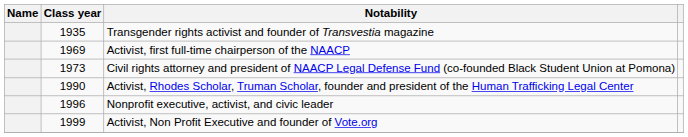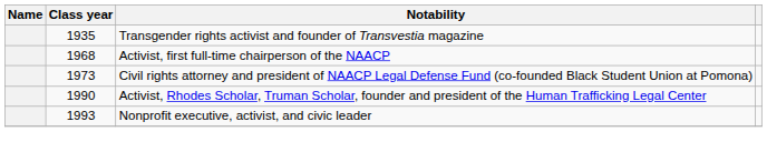 <table class="wikitable sortable plainrowheaders" style="text-align:center; border:2px solid #">
 <tr>
 <th scope="col">Name</th>
 <th scope="col">Class year</th>
 <th scope="col">Notability</th>
 <th scope="col"></th>
 </tr>
 <tr>
 <th scope="row"></th>
 <td>1935</td>
 <td style="text-align:left;">Transgender rights activist and founder of <em>Transvestia</em> magazine</td>
 <td></td>
 </tr>
 <tr>
 <th scope="row"></th>
-<td>1969</td>
+<td>1968</td>
 <td style="text-align:left;">Activist, first full-time chairperson of the <a href='#'>NAACP</a></td>
 <td></td>
 </tr>
 <tr>
 <th scope="row"></th>
 <td>1973</td>
 <td style="text-align:left;">Civil rights attorney and president of <a href='#'>NAACP Legal Defense Fund</a> (co-founded Black Student Union at Pomona)</td>
 <td></td>
 </tr>
 <tr>
 <th scope="row"></th>
 <td>1990</td>
 <td style="text-align:left;">Activist, <a href='#'>Rhodes Scholar</a>, <a href='#'>Truman Scholar</a>, founder and president of the <a href='#'>Human Trafficking Legal Center</a></td>
 <td></td>
 </tr>
 <tr>
 <th scope="row"></th>
-<td>1996</td>
+<td>1993</td>
 <td style="text-align:left;">Nonprofit executive, activist, and civic leader</td>
-<td></td>
-</tr>
-<tr>
-<th scope="row"></th>
-<td>1999</td>
-<td style="text-align:left;">Activist, Non Profit Executive and founder of <a href='#'>Vote.org</a></td>
 <td></td>
 </tr>
 <tr>
 </tr>
 </table>
